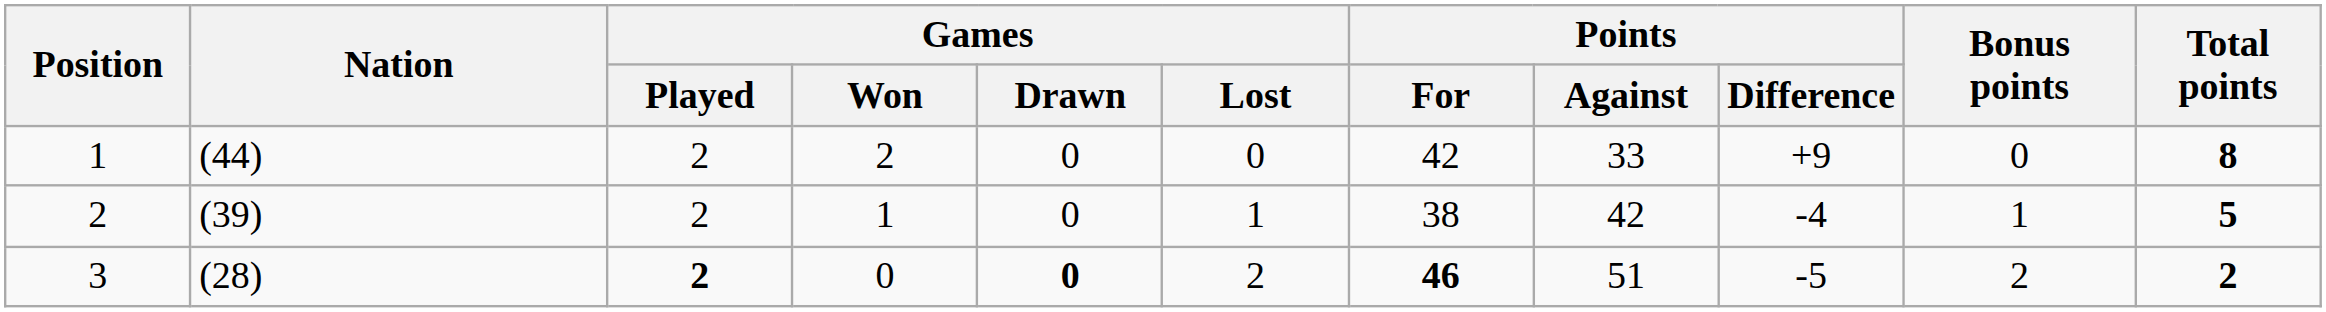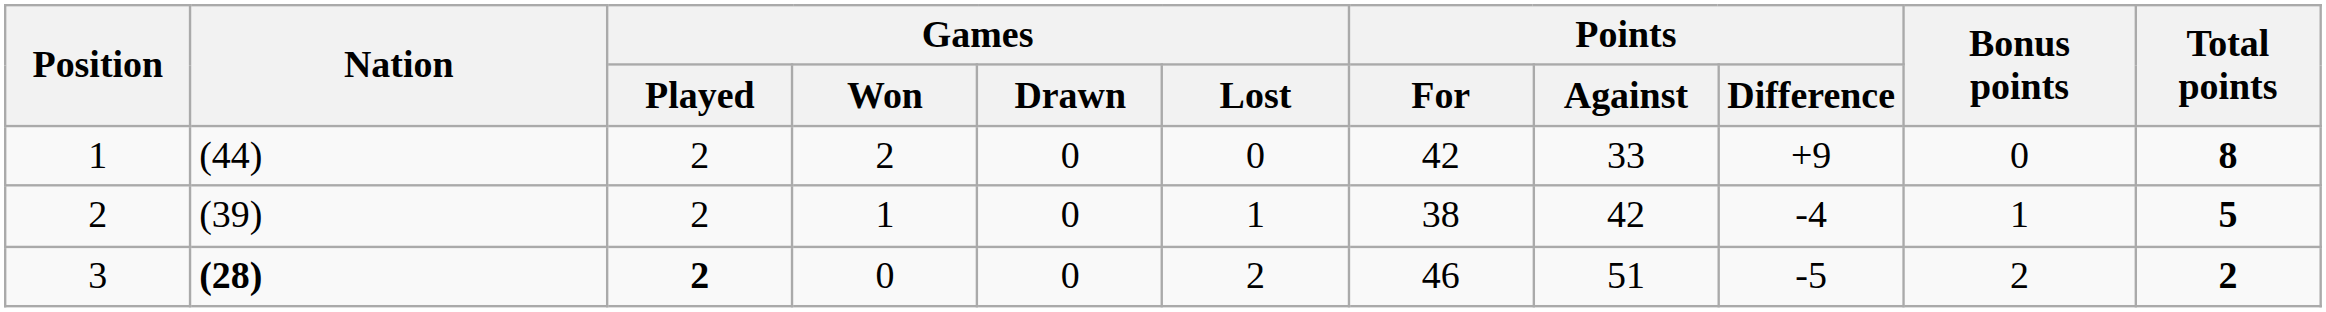 <table class="wikitable" style="text-align:center">
 <tr>
 <th rowspan="2" style="width:8%;">Position</th>
 <th rowspan="2" style="width:18%;">Nation</th>
 <th colspan="4" style="width:32%;">Games</th>
 <th colspan="3" style="width:32%;">Points</th>
 <th rowspan="2" style="width:10%;">Bonus<br>points</th>
 <th rowspan="2" style="width:10%;">Total<br>points</th>
 </tr>
 <tr>
 <th style="width:8%;">Played</th>
 <th style="width:8%;">Won</th>
 <th style="width:8%;">Drawn</th>
 <th style="width:8%;">Lost</th>
 <th style="width:8%;">For</th>
 <th style="width:8%;">Against</th>
 <th style="width:8%;">Difference</th>
 </tr>
 <tr>
 <td>1</td>
 <td align="left"> (44)</td>
 <td>2</td>
 <td>2</td>
 <td>0</td>
 <td>0</td>
 <td>42</td>
 <td>33</td>
 <td>+9</td>
 <td>0</td>
 <td><strong>8</strong></td>
 </tr>
 <tr>
 <td>2</td>
 <td align="left"> (39)</td>
 <td>2</td>
 <td>1</td>
 <td>0</td>
 <td>1</td>
 <td>38</td>
 <td>42</td>
 <td>-4</td>
 <td>1</td>
 <td><strong>5</strong></td>
 </tr>
 <tr>
 <td>3</td>
-<td align="left"> (28)</td>
+<td align="left"><strong> (28)</strong></td>
 <td><strong>2</strong></td>
 <td>0</td>
-<td><strong>0</strong></td>
+<td>0</td>
 <td>2</td>
-<td><strong>46</strong></td>
+<td>46</td>
 <td>51</td>
 <td>-5</td>
 <td>2</td>
 <td><strong>2</strong></td>
 </tr>
 </table>
